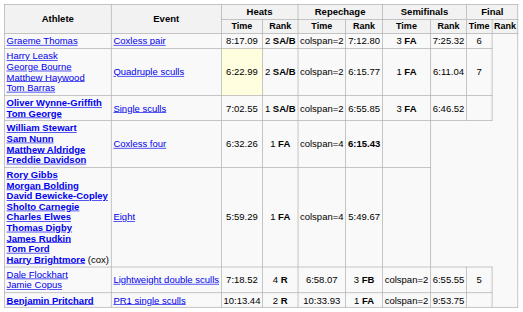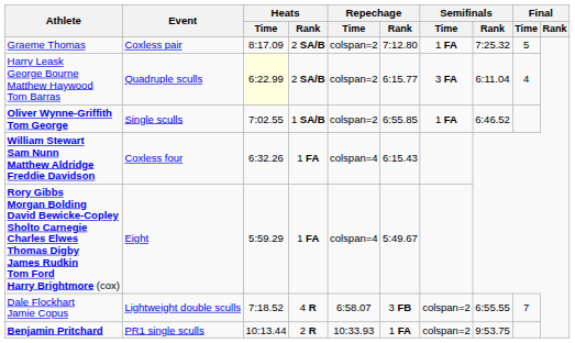 <table class="wikitable" style="font-size:90%">
 <tr>
 <th rowspan="2">Athlete</th>
 <th rowspan="2">Event</th>
 <th colspan="2">Heats</th>
 <th colspan="2">Repechage</th>
 <th colspan="2">Semifinals</th>
 <th colspan="2">Final</th>
 </tr>
 <tr style="font-size:95%">
 <th>Time</th>
 <th>Rank</th>
 <th>Time</th>
 <th>Rank</th>
 <th>Time</th>
 <th>Rank</th>
 <th>Time</th>
 <th>Rank</th>
 </tr>
 <tr align=center>
 <td align=left><a href='#'>Graeme Thomas</a></td>
 <td align=left><a href='#'>Coxless pair</a></td>
 <td>8:17.09</td>
 <td>2 <strong>SA/B</strong></td>
 <td>colspan=2 </td>
 <td>7:12.80</td>
-<td>3 <strong>FA</strong></td>
+<td>1 <strong>FA</strong></td>
 <td>7:25.32</td>
-<td>6</td>
+<td>5</td>
 </tr>
 <tr align=center>
 <td align=left><a href='#'>Harry Leask</a><br><a href='#'>George Bourne</a><br><a href='#'>Matthew Haywood</a><br><a href='#'>Tom Barras</a></td>
 <td align=left><a href='#'>Quadruple sculls</a></td>
 <td style="background: lightyellow;">6:22.99</td>
 <td>2 <strong>SA/B</strong></td>
 <td>colspan=2 </td>
 <td>6:15.77</td>
-<td>1 <strong>FA</strong></td>
+<td>3 <strong>FA</strong></td>
 <td>6:11.04</td>
-<td>7</td>
+<td>4</td>
 </tr>
 <tr align=center>
 <td align=left><strong><a href='#'>Oliver Wynne-Griffith</a><br><a href='#'>Tom George</a></strong></td>
 <td align=left><a href='#'>Single sculls</a></td>
 <td>7:02.55</td>
 <td>1 <strong>SA/B</strong></td>
 <td>colspan=2 </td>
 <td>6:55.85</td>
-<td>3 <strong>FA</strong></td>
+<td>1 <strong>FA</strong></td>
 <td>6:46.52</td>
 <td></td>
 </tr>
 <tr align=center>
 <td align=left><strong><a href='#'>William Stewart</a><br><a href='#'>Sam Nunn</a><br><a href='#'>Matthew Aldridge</a><br><a href='#'>Freddie Davidson</a></strong></td>
 <td align=left><a href='#'>Coxless four</a></td>
 <td>6:32.26</td>
 <td>1 <strong>FA</strong></td>
 <td>colspan=4 </td>
-<td><strong>6:15.43</strong></td>
+<td>6:15.43</td>
 <td></td>
 </tr>
 <tr align=center>
 <td align=left><strong><a href='#'>Rory Gibbs</a><br><a href='#'>Morgan Bolding</a><br><a href='#'>David Bewicke-Copley</a><br><a href='#'>Sholto Carnegie</a><br><a href='#'>Charles Elwes</a><br><a href='#'>Thomas Digby</a><br><a href='#'>James Rudkin</a><br><a href='#'>Tom Ford</a><br><a href='#'>Harry Brightmore</a></strong> (cox)</td>
 <td align=left><a href='#'>Eight</a></td>
 <td>5:59.29</td>
 <td>1 <strong>FA</strong></td>
 <td>colspan=4 </td>
 <td>5:49.67</td>
 <td></td>
 </tr>
 <tr align=center>
 <td align=left><a href='#'>Dale Flockhart</a><br><a href='#'>Jamie Copus</a></td>
 <td align=left><a href='#'>Lightweight double sculls</a></td>
 <td>7:18.52</td>
 <td>4 <strong>R</strong></td>
 <td>6:58.07</td>
 <td>3 <strong>FB</strong></td>
 <td>colspan=2 </td>
 <td>6:55.55</td>
-<td>5</td>
+<td>7</td>
 </tr>
 <tr align=center>
 <td align=left><strong><a href='#'>Benjamin Pritchard</a></strong></td>
 <td align=left><a href='#'>PR1 single sculls</a></td>
 <td>10:13.44</td>
 <td>2 <strong>R</strong></td>
 <td>10:33.93</td>
 <td>1 <strong>FA</strong></td>
 <td>colspan=2 </td>
 <td>9:53.75</td>
 <td></td>
 </tr>
 </table>
